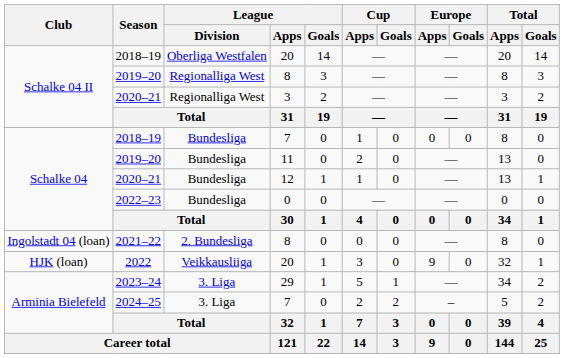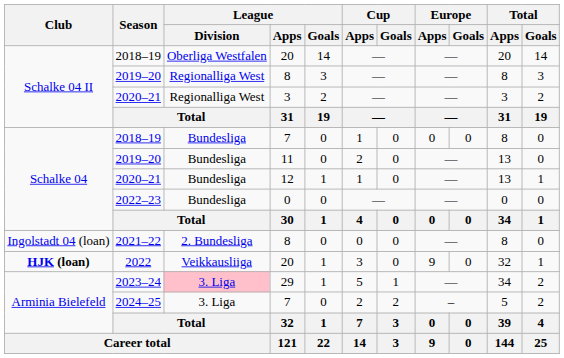 <table class="wikitable nowrap" style="text-align:center">
 <tr>
 <th rowspan="2">Club</th>
 <th rowspan="2">Season</th>
 <th colspan="3">League</th>
 <th colspan="2">Cup</th>
 <th colspan="2">Europe</th>
 <th colspan="2">Total</th>
 </tr>
 <tr>
 <th>Division</th>
 <th>Apps</th>
 <th>Goals</th>
 <th>Apps</th>
 <th>Goals</th>
 <th>Apps</th>
 <th>Goals</th>
 <th>Apps</th>
 <th>Goals</th>
 </tr>
 <tr>
 <td rowspan="4"><a href='#'>Schalke 04 II</a></td>
 <td>2018–19</td>
 <td><a href='#'>Oberliga Westfalen</a></td>
 <td>20</td>
 <td>14</td>
 <td colspan="2">—</td>
 <td colspan="2">—</td>
 <td>20</td>
 <td>14</td>
 </tr>
 <tr>
 <td><a href='#'>2019–20</a></td>
 <td><a href='#'>Regionalliga West</a></td>
 <td>8</td>
 <td>3</td>
 <td colspan="2">—</td>
 <td colspan="2">—</td>
 <td>8</td>
 <td>3</td>
 </tr>
 <tr>
 <td><a href='#'>2020–21</a></td>
 <td>Regionalliga West</td>
 <td>3</td>
 <td>2</td>
 <td colspan="2">—</td>
 <td colspan="2">—</td>
 <td>3</td>
 <td>2</td>
 </tr>
 <tr>
 <th colspan=2>Total</th>
 <th>31</th>
 <th>19</th>
 <th colspan="2">—</th>
 <th colspan="2">—</th>
 <th>31</th>
 <th>19</th>
 </tr>
 <tr>
 <td rowspan="5"><a href='#'>Schalke 04</a></td>
 <td><a href='#'>2018–19</a></td>
 <td><a href='#'>Bundesliga</a></td>
 <td>7</td>
 <td>0</td>
 <td>1</td>
 <td>0</td>
 <td>0</td>
 <td>0</td>
 <td>8</td>
 <td>0</td>
 </tr>
 <tr>
 <td><a href='#'>2019–20</a></td>
 <td>Bundesliga</td>
 <td>11</td>
 <td>0</td>
 <td>2</td>
 <td>0</td>
 <td colspan="2">—</td>
 <td>13</td>
 <td>0</td>
 </tr>
 <tr>
 <td><a href='#'>2020–21</a></td>
 <td>Bundesliga</td>
 <td>12</td>
 <td>1</td>
 <td>1</td>
 <td>0</td>
 <td colspan="2">—</td>
 <td>13</td>
 <td>1</td>
 </tr>
 <tr>
 <td><a href='#'>2022–23</a></td>
 <td>Bundesliga</td>
 <td>0</td>
 <td>0</td>
 <td colspan="2">—</td>
 <td colspan="2">—</td>
 <td>0</td>
 <td>0</td>
 </tr>
 <tr>
 <th colspan=2>Total</th>
 <th>30</th>
 <th>1</th>
 <th>4</th>
 <th>0</th>
 <th>0</th>
 <th>0</th>
 <th>34</th>
 <th>1</th>
 </tr>
 <tr>
 <td><a href='#'>Ingolstadt 04</a> (loan)</td>
 <td><a href='#'>2021–22</a></td>
 <td><a href='#'>2. Bundesliga</a></td>
 <td>8</td>
 <td>0</td>
 <td>0</td>
 <td>0</td>
 <td colspan="2">—</td>
 <td>8</td>
 <td>0</td>
 </tr>
 <tr>
-<td><a href='#'>HJK</a> (loan)</td>
+<td><strong><a href='#'>HJK</a> (loan)</strong></td>
 <td><a href='#'>2022</a></td>
 <td><a href='#'>Veikkausliiga</a></td>
 <td>20</td>
 <td>1</td>
 <td>3</td>
 <td>0</td>
 <td>9</td>
 <td>0</td>
 <td>32</td>
 <td>1</td>
 </tr>
 <tr>
 <td rowspan=3><a href='#'>Arminia Bielefeld</a></td>
 <td><a href='#'>2023–24</a></td>
-<td><a href='#'>3. Liga</a></td>
+<td style="background: pink;"><a href='#'>3. Liga</a></td>
 <td>29</td>
 <td>1</td>
 <td>5</td>
 <td>1</td>
 <td colspan="2">—</td>
 <td>34</td>
 <td>2</td>
 </tr>
 <tr>
 <td><a href='#'>2024–25</a></td>
 <td>3. Liga</td>
 <td>7</td>
 <td>0</td>
 <td>2</td>
 <td>2</td>
 <td colspan=2>–</td>
 <td>5</td>
 <td>2</td>
 </tr>
 <tr>
 <th colspan=2>Total</th>
 <th>32</th>
 <th>1</th>
 <th>7</th>
 <th>3</th>
 <th>0</th>
 <th>0</th>
 <th>39</th>
 <th>4</th>
 </tr>
 <tr>
 <th colspan="3">Career total</th>
 <th>121</th>
 <th>22</th>
 <th>14</th>
 <th>3</th>
 <th>9</th>
 <th>0</th>
 <th>144</th>
 <th>25</th>
 </tr>
 </table>
